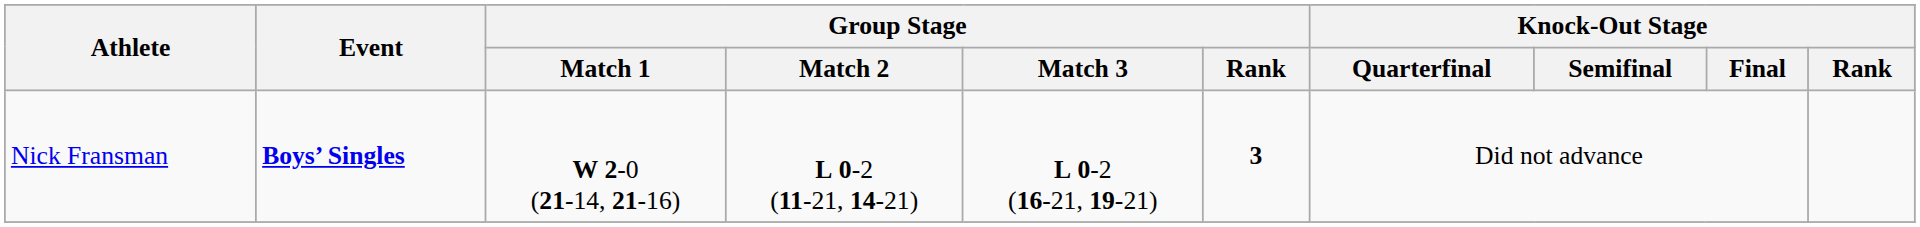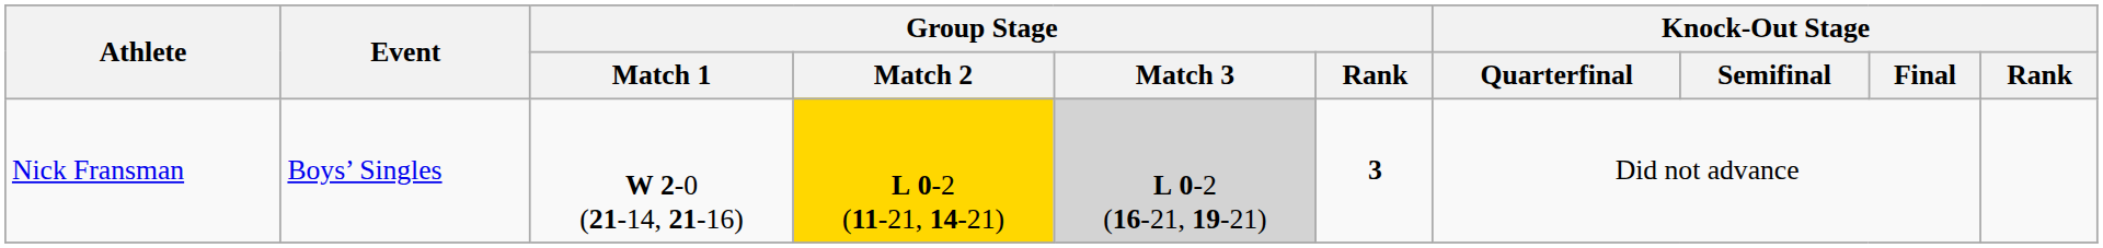 <table class="wikitable" width="85%" style="text-align:left; font-size:90%">
 <tr>
 <th rowspan=2>Athlete</th>
 <th rowspan=2>Event</th>
 <th colspan=4>Group Stage</th>
 <th colspan=4>Knock-Out Stage</th>
 </tr>
 <tr>
 <th>Match 1</th>
 <th>Match 2</th>
 <th>Match 3</th>
 <th>Rank</th>
 <th>Quarterfinal</th>
 <th>Semifinal</th>
 <th>Final</th>
 <th>Rank</th>
 </tr>
 <tr>
 <td><a href='#'>Nick Fransman</a></td>
-<td><strong><a href='#'>Boys’ Singles</a></strong></td>
+<td><a href='#'>Boys’ Singles</a></td>
 <td align=center> <br><br><strong>W</strong> <strong>2</strong>-0 <br> (<strong>21</strong>-14, <strong>21</strong>-16)</td>
-<td align=center> <br><br><strong>L</strong> <strong>0</strong>-2 <br> (<strong>11</strong>-21, <strong>14</strong>-21)</td>
-<td align=center> <br><br><strong>L</strong> <strong>0</strong>-2 <br> (<strong>16</strong>-21, <strong>19</strong>-21)</td>
+<td align=center style="background: gold;"> <br><br><strong>L</strong> <strong>0</strong>-2 <br> (<strong>11</strong>-21, <strong>14</strong>-21)</td>
+<td align=center style="background: lightgrey;"> <br><br><strong>L</strong> <strong>0</strong>-2 <br> (<strong>16</strong>-21, <strong>19</strong>-21)</td>
 <td align=center><strong>3</strong></td>
 <td colspan="3" align=center>Did not advance</td>
 <td align=center></td>
 </tr>
 </table>
